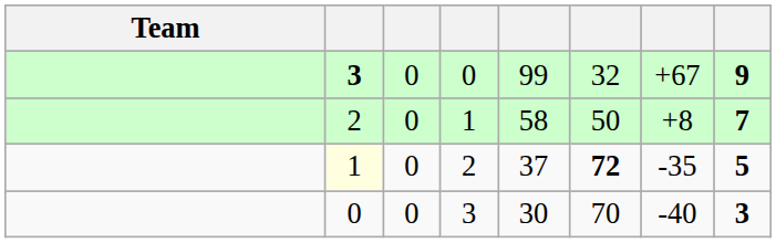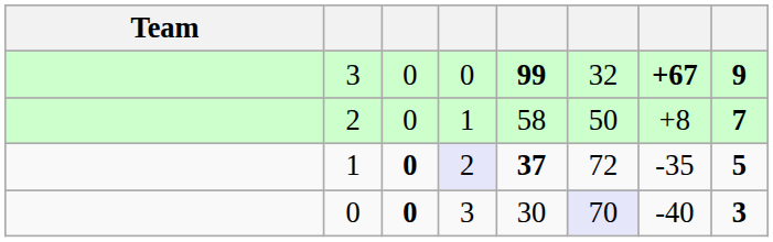 <table class="wikitable" style="text-align:center;">
 <tr>
 <th style="width:10.5em;">Team</th>
 <th style="width:1.5em;"></th>
 <th style="width:1.5em;"></th>
 <th style="width:1.5em;"></th>
 <th style="width:2.0em;"></th>
 <th style="width:2.0em;"></th>
 <th style="width:2.0em;"></th>
 <th style="width:1.5em;"></th>
 </tr>
 <tr bgcolor="#cfc">
 <td align="left"></td>
-<td><strong>3</strong></td>
+<td>3</td>
 <td>0</td>
 <td>0</td>
-<td>99</td>
+<td><strong>99</strong></td>
 <td>32</td>
-<td>+67</td>
+<td><strong>+67</strong></td>
 <td><strong>9</strong></td>
 </tr>
 <tr bgcolor="#cfc">
 <td align="left"></td>
 <td>2</td>
 <td>0</td>
 <td>1</td>
 <td>58</td>
 <td>50</td>
 <td>+8</td>
 <td><strong>7</strong></td>
 </tr>
 <tr>
 <td align="left"></td>
-<td style="background: lightyellow;">1</td>
-<td>0</td>
-<td>2</td>
-<td>37</td>
-<td><strong>72</strong></td>
+<td>1</td>
+<td><strong>0</strong></td>
+<td style="background: lavender;">2</td>
+<td><strong>37</strong></td>
+<td>72</td>
 <td>-35</td>
 <td><strong>5</strong></td>
 </tr>
 <tr>
 <td align="left"></td>
 <td>0</td>
-<td>0</td>
+<td><strong>0</strong></td>
 <td>3</td>
 <td>30</td>
-<td>70</td>
+<td style="background: lavender;">70</td>
 <td>-40</td>
 <td><strong>3</strong></td>
 </tr>
 </table>
